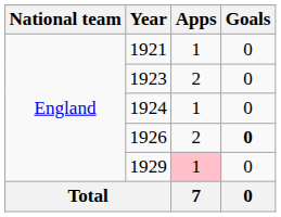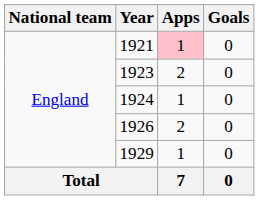 <table class="wikitable" style="text-align:center">
 <tr>
 <th>National team</th>
 <th>Year</th>
 <th>Apps</th>
 <th>Goals</th>
 </tr>
 <tr>
 <td rowspan="5"><a href='#'>England</a></td>
 <td>1921</td>
-<td>1</td>
+<td style="background: pink;">1</td>
 <td>0</td>
 </tr>
 <tr>
 <td>1923</td>
 <td>2</td>
 <td>0</td>
 </tr>
 <tr>
 <td>1924</td>
 <td>1</td>
 <td>0</td>
 </tr>
 <tr>
 <td>1926</td>
 <td>2</td>
-<td><strong>0</strong></td>
+<td>0</td>
 </tr>
 <tr>
 <td>1929</td>
-<td style="background: pink;">1</td>
+<td>1</td>
 <td>0</td>
 </tr>
 <tr>
 <th colspan="2">Total</th>
 <th>7</th>
 <th>0</th>
 </tr>
 </table>
